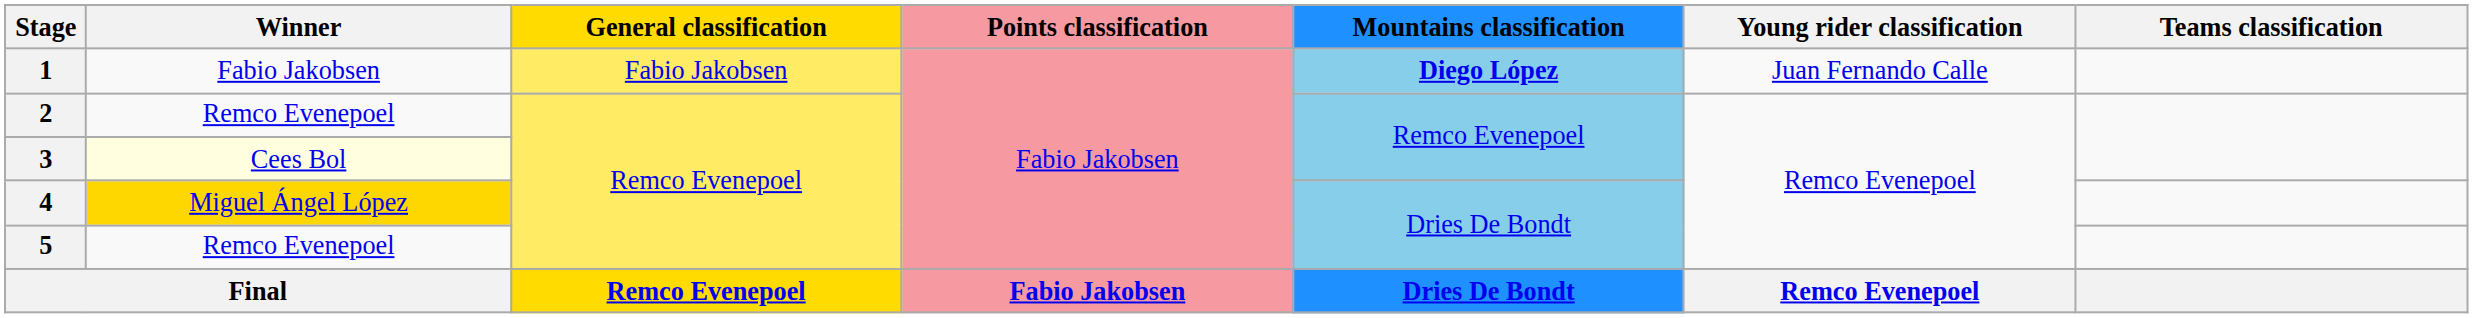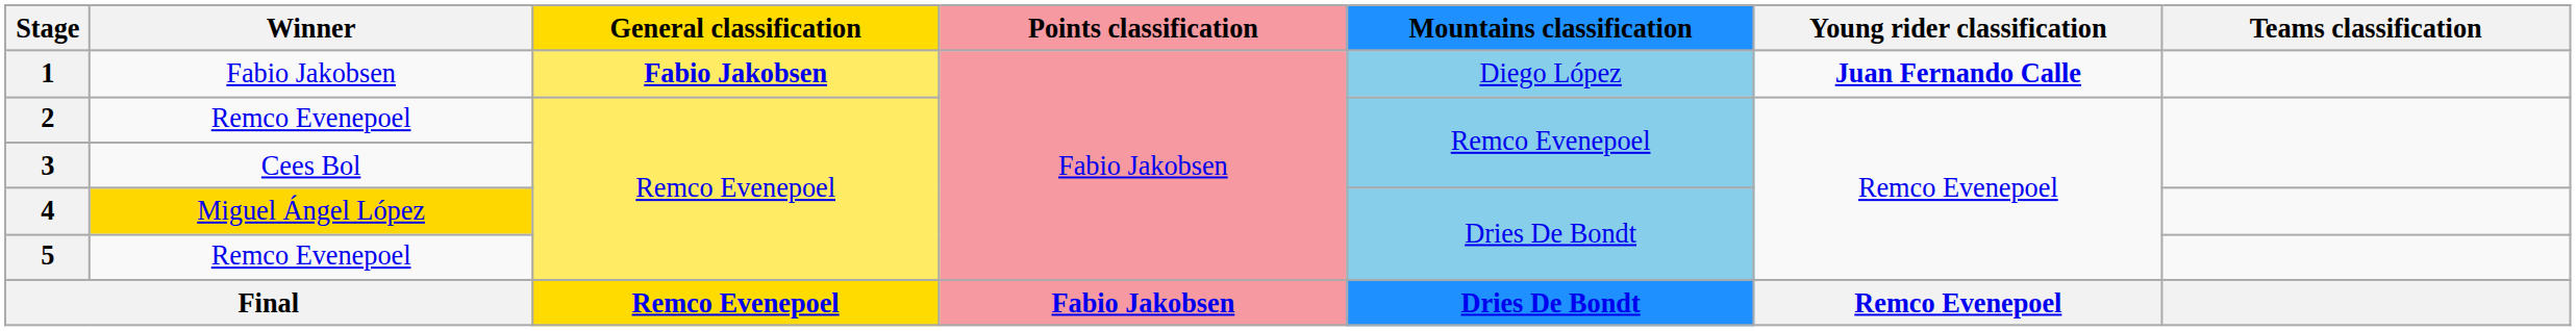 <table class="wikitable" style="text-align: center; font-size:smaller;">
 <tr style="background:#efefef;">
 <th style="width:1%;">Stage</th>
 <th style="width:13%;">Winner</th>
 <th style="background:#FFDB00;" width="12%">General classification<br></th>
 <th style="background:#F799A0;" width="12%">Points classification<br></th>
 <th style="background:dodgerblue;" width="12%">Mountains classification<br></th>
 <th style="background:offwhite;" width="12%">Young rider classification<br></th>
 <th style="background:offwhite;" width="12%">Teams classification</th>
 </tr>
 <tr>
 <th>1</th>
 <td><a href='#'>Fabio Jakobsen</a></td>
-<td style="background:#FFEB64;"><a href='#'>Fabio Jakobsen</a></td>
+<td style="background:#FFEB64;"><strong><a href='#'>Fabio Jakobsen</a></strong></td>
 <td style="background:#F799A0;" rowspan="5"><a href='#'>Fabio Jakobsen</a></td>
-<td style="background:skyblue;"><strong><a href='#'>Diego López</a></strong></td>
-<td style="background:offwhite;"><a href='#'>Juan Fernando Calle</a></td>
+<td style="background:skyblue;"><a href='#'>Diego López</a></td>
+<td style="background:offwhite;"><strong><a href='#'>Juan Fernando Calle</a></strong></td>
 <td></td>
 </tr>
 <tr>
 <th>2</th>
 <td><a href='#'>Remco Evenepoel</a></td>
 <td style="background:#FFEB64;" rowspan="4"><a href='#'>Remco Evenepoel</a></td>
 <td style="background:skyblue;" rowspan="2"><a href='#'>Remco Evenepoel</a></td>
 <td style="background:offwhite;" rowspan="4"><a href='#'>Remco Evenepoel</a></td>
 <td rowspan="2"></td>
 </tr>
 <tr>
 <th>3</th>
-<td style="background: lightyellow;"><a href='#'>Cees Bol</a></td>
+<td><a href='#'>Cees Bol</a></td>
 </tr>
 <tr>
 <th>4</th>
 <td style="background: gold;"><a href='#'>Miguel Ángel López</a></td>
 <td style="background:skyblue;" rowspan="2"><a href='#'>Dries De Bondt</a></td>
 <td></td>
 </tr>
 <tr>
 <th>5</th>
 <td><a href='#'>Remco Evenepoel</a></td>
 <td></td>
 </tr>
 <tr>
 <th colspan=2><strong>Final</strong></th>
 <th style="background:#FFDB00;"><a href='#'>Remco Evenepoel</a></th>
 <th style="background:#F799A0;"><a href='#'>Fabio Jakobsen</a></th>
 <th style="background:dodgerblue;"><a href='#'>Dries De Bondt</a></th>
 <th style="background:offwhite;"><a href='#'>Remco Evenepoel</a></th>
 <th style="background:offwhite;"></th>
 </tr>
 </table>
